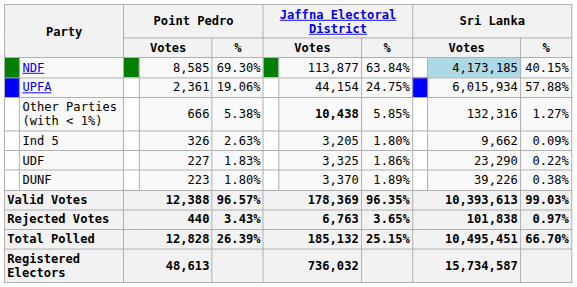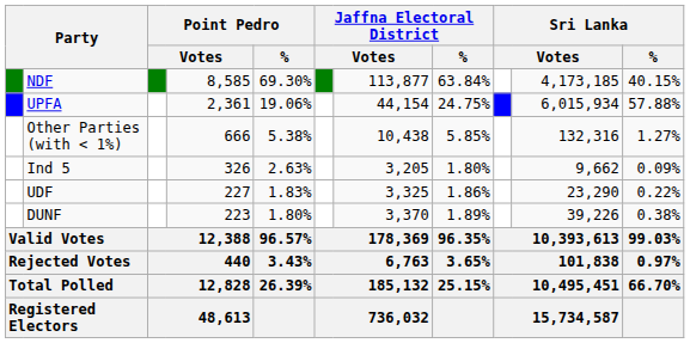 <table class="wikitable">
 <tr>
 <th colspan="2" width="144px"rowspan="2">Party</th>
 <th colspan="3" width="216px">Point Pedro</th>
 <th colspan="3" width="216px"><a href='#'>Jaffna Electoral District</a></th>
 <th colspan="3" width="216px">Sri Lanka</th>
 </tr>
 <tr>
 <th colspan="2" width="144px">Votes</th>
 <th>%</th>
 <th colspan="2" width="144px">Votes</th>
 <th>%</th>
 <th colspan="2" width="144px">Votes</th>
 <th>%</th>
 </tr>
 <tr>
 <td style="background-color:green;" width="10px"></td>
 <td style="text-align:left;"><a href='#'>NDF</a></td>
 <td style="background-color:green;" width="10px"></td>
 <td style="text-align:right;">8,585</td>
 <td style="text-align:right;">69.30%</td>
 <td style="background-color:green;" width="10px"></td>
 <td style="text-align:right;">113,877</td>
 <td style="text-align:right;">63.84%</td>
 <td style="background-color:white;" width="10px"></td>
-<td style="background: lightblue; text-align:right;">4,173,185</td>
+<td style="text-align:right;">4,173,185</td>
 <td style="text-align:right;">40.15%</td>
 </tr>
 <tr>
 <td style="background-color:blue;" width="10px"></td>
 <td style="text-align:left;"><a href='#'>UPFA</a></td>
 <td style="background-color:white;" width="10px"></td>
 <td style="text-align:right;">2,361</td>
 <td style="text-align:right;">19.06%</td>
 <td style="background-color:white;" width="10px"></td>
 <td style="text-align:right;">44,154</td>
 <td style="text-align:right;">24.75%</td>
 <td style="background-color:blue;" width="10px"></td>
 <td style="text-align:right;">6,015,934</td>
 <td style="text-align:right;">57.88%</td>
 </tr>
 <tr>
 <td style="background-color:white;" width="10px"></td>
 <td style="text-align:left;">Other Parties (with < 1%)</td>
 <td style="background-color:white;" width="10px"></td>
 <td style="text-align:right;">666</td>
 <td style="text-align:right;">5.38%</td>
 <td style="background-color:white;" width="10px"></td>
-<td style="text-align:right;"><strong>10,438</strong></td>
+<td style="text-align:right;">10,438</td>
 <td style="text-align:right;">5.85%</td>
 <td style="background-color:white;" width="10px"></td>
 <td style="text-align:right;">132,316</td>
 <td style="text-align:right;">1.27%</td>
 </tr>
 <tr>
 <td style="background-color:white;" width="10px"></td>
 <td style="text-align:left;">Ind 5</td>
 <td style="background-color:white;" width="10px"></td>
 <td style="text-align:right;">326</td>
 <td style="text-align:right;">2.63%</td>
 <td style="background-color:white;" width="10px"></td>
 <td style="text-align:right;">3,205</td>
 <td style="text-align:right;">1.80%</td>
 <td style="background-color:white;" width="10px"></td>
 <td style="text-align:right;">9,662</td>
 <td style="text-align:right;">0.09%</td>
 </tr>
 <tr>
 <td style="background-color:white;" width="10px"></td>
 <td style="text-align:left;">UDF</td>
 <td style="background-color:white;" width="10px"></td>
 <td style="text-align:right;">227</td>
 <td style="text-align:right;">1.83%</td>
 <td style="background-color:white;" width="10px"></td>
 <td style="text-align:right;">3,325</td>
 <td style="text-align:right;">1.86%</td>
 <td style="background-color:white;" width="10px"></td>
 <td style="text-align:right;">23,290</td>
 <td style="text-align:right;">0.22%</td>
 </tr>
 <tr>
 <td style="background-color:white;" width="10px"></td>
 <td style="text-align:left;">DUNF</td>
 <td style="background-color:white;" width="10px"></td>
 <td style="text-align:right;">223</td>
 <td style="text-align:right;">1.80%</td>
 <td style="background-color:white;" width="10px"></td>
 <td style="text-align:right;">3,370</td>
 <td style="text-align:right;">1.89%</td>
 <td style="background-color:white;" width="10px"></td>
 <td style="text-align:right;">39,226</td>
 <td style="text-align:right;">0.38%</td>
 </tr>
 <tr>
 <th colspan="2" width="144px"style="text-align:left;">Valid Votes</th>
 <th style="text-align:right;"colspan="2" width="144px">12,388</th>
 <th style="text-align:right;">96.57%</th>
 <th style="text-align:right;"colspan="2" width="144px">178,369</th>
 <th style="text-align:right;">96.35%</th>
 <th style="text-align:right;"colspan="2" width="144px">10,393,613</th>
 <th style="text-align:right;">99.03%</th>
 </tr>
 <tr>
 <th colspan="2" width="144px"style="text-align:left;">Rejected Votes</th>
 <th style="text-align:right;"colspan="2" width="144px">440</th>
 <th style="text-align:right;">3.43%</th>
 <th style="text-align:right;"colspan="2" width="144px">6,763</th>
 <th style="text-align:right;">3.65%</th>
 <th style="text-align:right;"colspan="2" width="144px">101,838</th>
 <th style="text-align:right;">0.97%</th>
 </tr>
 <tr>
 <th colspan="2" width="144px"style="text-align:left;">Total Polled</th>
 <th style="text-align:right;"colspan="2" width="144px">12,828</th>
 <th style="text-align:right;">26.39%</th>
 <th style="text-align:right;"colspan="2" width="144px">185,132</th>
 <th style="text-align:right;">25.15%</th>
 <th style="text-align:right;"colspan="2" width="144px">10,495,451</th>
 <th style="text-align:right;">66.70%</th>
 </tr>
 <tr>
 <th colspan="2" width="144px"style="text-align:left;">Registered Electors</th>
 <th style="text-align:right;"colspan="2" width="144px">48,613</th>
 <th></th>
 <th style="text-align:right;"colspan="2" width="144px">736,032</th>
 <th></th>
 <th style="text-align:right;"colspan="2" width="144px">15,734,587</th>
 <th></th>
 </tr>
 </table>
